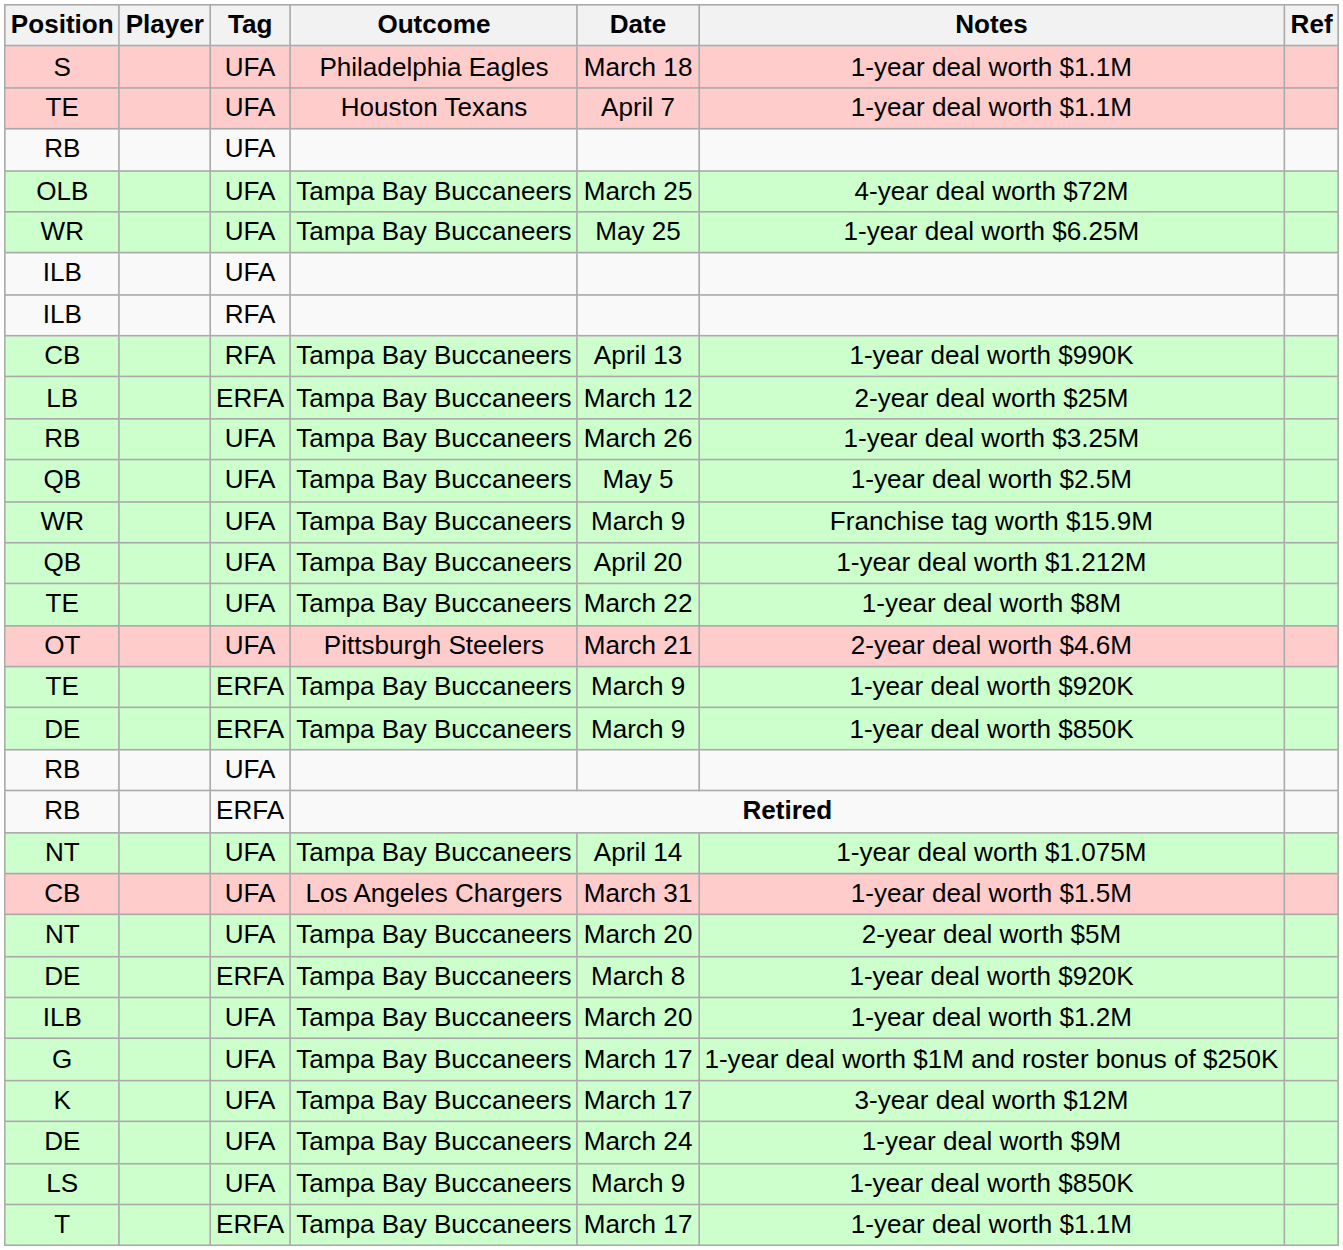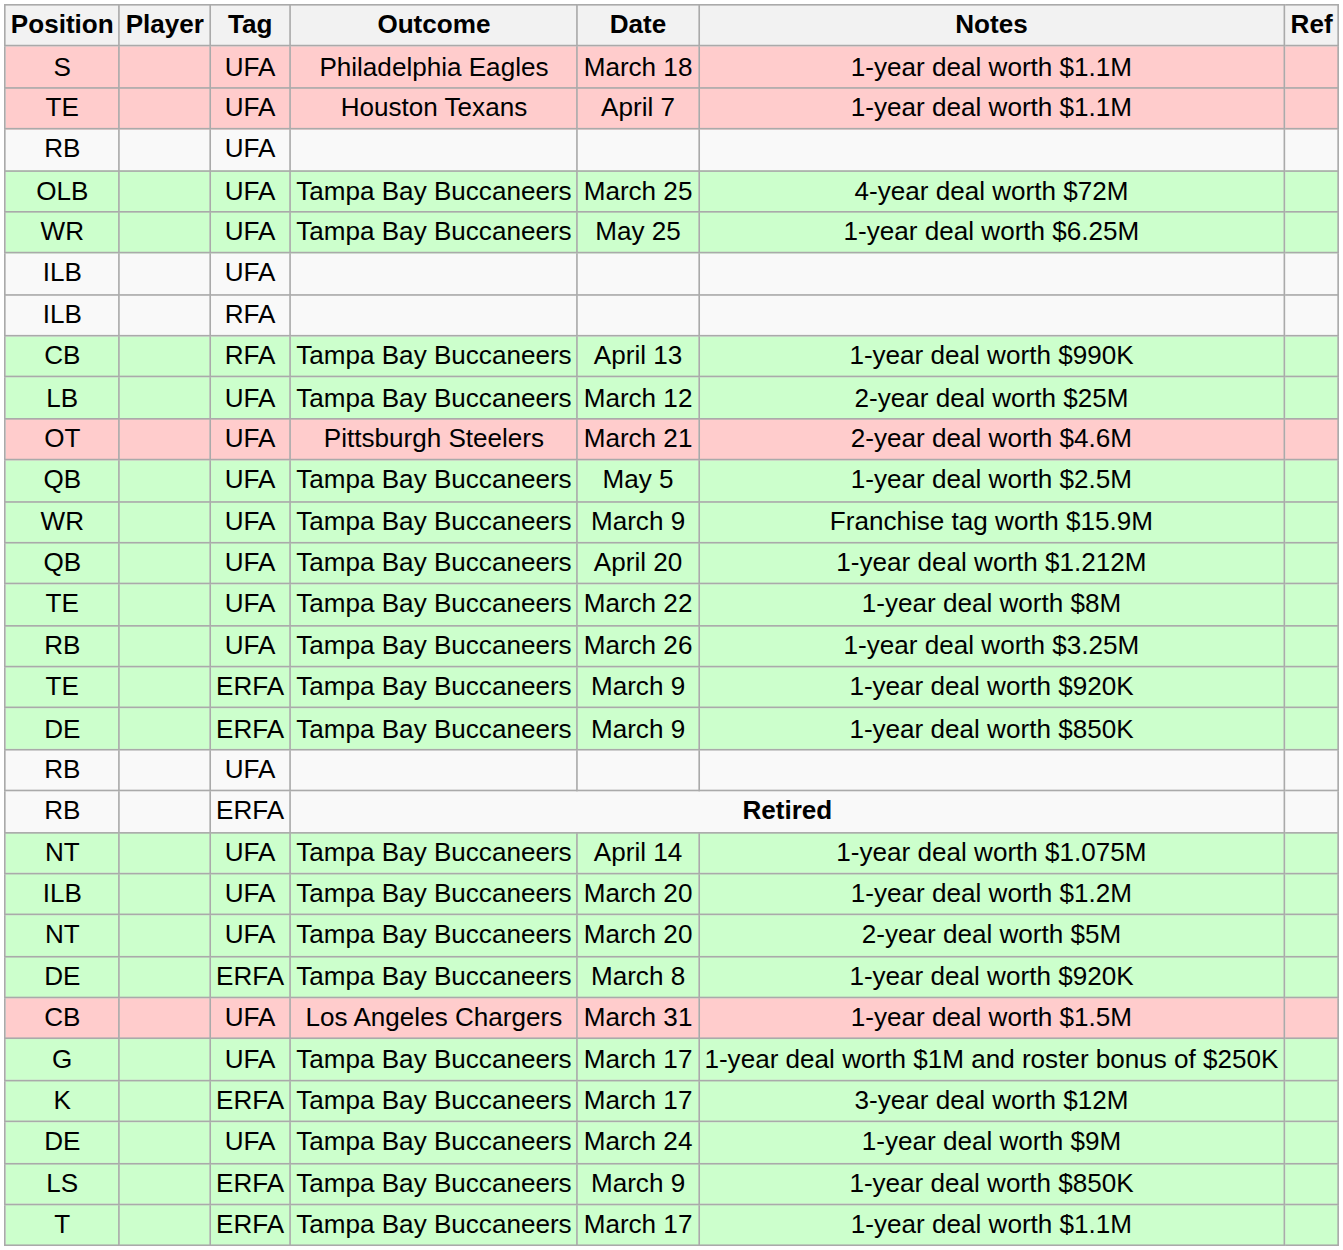 <table class="wikitable sortable" style="text-align:center">
 <tr>
 <th>Position</th>
 <th>Player</th>
 <th>Tag</th>
 <th>Outcome</th>
 <th>Date</th>
 <th>Notes</th>
 <th>Ref</th>
 </tr>
 <tr style="background:#fcc">
 <td>S</td>
 <td></td>
 <td>UFA</td>
 <td>Philadelphia Eagles</td>
 <td>March 18</td>
 <td>1-year deal worth $1.1M</td>
 <td></td>
 </tr>
 <tr style="background:#fcc">
 <td>TE</td>
 <td></td>
 <td>UFA</td>
 <td>Houston Texans</td>
 <td>April 7</td>
 <td>1-year deal worth $1.1M</td>
 <td></td>
 </tr>
 <tr>
 <td>RB</td>
 <td></td>
 <td>UFA</td>
 <td></td>
 <td></td>
 <td></td>
 <td></td>
 </tr>
 <tr style="background:#cfc">
 <td>OLB</td>
 <td></td>
 <td>UFA</td>
 <td>Tampa Bay Buccaneers</td>
 <td>March 25</td>
 <td>4-year deal worth $72M</td>
 <td></td>
 </tr>
 <tr style="background:#cfc">
 <td>WR</td>
 <td></td>
 <td>UFA</td>
 <td>Tampa Bay Buccaneers</td>
 <td>May 25</td>
 <td>1-year deal worth $6.25M</td>
 <td></td>
 </tr>
 <tr>
 <td>ILB</td>
 <td></td>
 <td>UFA</td>
 <td></td>
 <td></td>
 <td></td>
 <td></td>
 </tr>
 <tr>
 <td>ILB</td>
 <td></td>
 <td>RFA</td>
 <td></td>
 <td></td>
 <td></td>
 <td></td>
 </tr>
 <tr style="background:#cfc">
 <td>CB</td>
 <td></td>
 <td>RFA</td>
 <td>Tampa Bay Buccaneers</td>
 <td>April 13</td>
 <td>1-year deal worth $990K</td>
 <td></td>
 </tr>
 <tr style="background:#cfc">
 <td>LB</td>
 <td></td>
-<td>ERFA</td>
+<td>UFA</td>
 <td>Tampa Bay Buccaneers</td>
 <td>March 12</td>
 <td>2-year deal worth $25M</td>
 <td></td>
 </tr>
-<tr style="background:#cfc">
-<td>RB</td>
+<tr style="background:#fcc">
+<td>OT</td>
 <td></td>
 <td>UFA</td>
-<td>Tampa Bay Buccaneers</td>
-<td>March 26</td>
-<td>1-year deal worth $3.25M</td>
+<td>Pittsburgh Steelers</td>
+<td>March 21</td>
+<td>2-year deal worth $4.6M</td>
 <td></td>
 </tr>
 <tr style="background:#cfc">
 <td>QB</td>
 <td></td>
 <td>UFA</td>
 <td>Tampa Bay Buccaneers</td>
 <td>May 5</td>
 <td>1-year deal worth $2.5M</td>
 <td></td>
 </tr>
 <tr style="background:#cfc">
 <td>WR</td>
 <td></td>
 <td>UFA</td>
 <td>Tampa Bay Buccaneers</td>
 <td>March 9</td>
 <td>Franchise tag worth $15.9M</td>
 <td></td>
 </tr>
 <tr style="background:#cfc">
 <td>QB</td>
 <td></td>
 <td>UFA</td>
 <td>Tampa Bay Buccaneers</td>
 <td>April 20</td>
 <td>1-year deal worth $1.212M</td>
 <td></td>
 </tr>
 <tr style="background:#cfc">
 <td>TE</td>
 <td></td>
 <td>UFA</td>
 <td>Tampa Bay Buccaneers</td>
 <td>March 22</td>
 <td>1-year deal worth $8M</td>
 <td></td>
 </tr>
-<tr style="background:#fcc">
-<td>OT</td>
+<tr style="background:#cfc">
+<td>RB</td>
 <td></td>
 <td>UFA</td>
-<td>Pittsburgh Steelers</td>
-<td>March 21</td>
-<td>2-year deal worth $4.6M</td>
+<td>Tampa Bay Buccaneers</td>
+<td>March 26</td>
+<td>1-year deal worth $3.25M</td>
 <td></td>
 </tr>
 <tr style="background:#cfc">
 <td>TE</td>
 <td></td>
 <td>ERFA</td>
 <td>Tampa Bay Buccaneers</td>
 <td>March 9</td>
 <td>1-year deal worth $920K</td>
 <td></td>
 </tr>
 <tr style="background:#cfc">
 <td>DE</td>
 <td></td>
 <td>ERFA</td>
 <td>Tampa Bay Buccaneers</td>
 <td>March 9</td>
 <td>1-year deal worth $850K</td>
 <td></td>
 </tr>
 <tr>
 <td>RB</td>
 <td></td>
 <td>UFA</td>
 <td></td>
 <td></td>
 <td></td>
 <td></td>
 </tr>
 <tr>
 <td>RB</td>
 <td></td>
 <td>ERFA</td>
 <td colspan=3><strong>Retired</strong></td>
 <td></td>
 </tr>
 <tr style="background:#cfc">
 <td>NT</td>
 <td></td>
 <td>UFA</td>
 <td>Tampa Bay Buccaneers</td>
 <td>April 14</td>
 <td>1-year deal worth $1.075M</td>
 <td></td>
 </tr>
-<tr style="background:#fcc">
-<td>CB</td>
+<tr style="background:#cfc">
+<td>ILB</td>
 <td></td>
 <td>UFA</td>
-<td>Los Angeles Chargers</td>
-<td>March 31</td>
-<td>1-year deal worth $1.5M</td>
+<td>Tampa Bay Buccaneers</td>
+<td>March 20</td>
+<td>1-year deal worth $1.2M</td>
 <td></td>
 </tr>
 <tr style="background:#cfc">
 <td>NT</td>
 <td></td>
 <td>UFA</td>
 <td>Tampa Bay Buccaneers</td>
 <td>March 20</td>
 <td>2-year deal worth $5M</td>
 <td></td>
 </tr>
 <tr style="background:#cfc">
 <td>DE</td>
 <td></td>
 <td>ERFA</td>
 <td>Tampa Bay Buccaneers</td>
 <td>March 8</td>
 <td>1-year deal worth $920K</td>
 <td></td>
 </tr>
-<tr style="background:#cfc">
-<td>ILB</td>
+<tr style="background:#fcc">
+<td>CB</td>
 <td></td>
 <td>UFA</td>
-<td>Tampa Bay Buccaneers</td>
-<td>March 20</td>
-<td>1-year deal worth $1.2M</td>
+<td>Los Angeles Chargers</td>
+<td>March 31</td>
+<td>1-year deal worth $1.5M</td>
 <td></td>
 </tr>
 <tr style="background:#cfc">
 <td>G</td>
 <td></td>
 <td>UFA</td>
 <td>Tampa Bay Buccaneers</td>
 <td>March 17</td>
 <td>1-year deal worth $1M and roster bonus of $250K</td>
 <td></td>
 </tr>
 <tr style="background:#cfc">
 <td>K</td>
 <td></td>
-<td>UFA</td>
+<td>ERFA</td>
 <td>Tampa Bay Buccaneers</td>
 <td>March 17</td>
 <td>3-year deal worth $12M</td>
 <td></td>
 </tr>
 <tr style="background:#cfc">
 <td>DE</td>
 <td></td>
 <td>UFA</td>
 <td>Tampa Bay Buccaneers</td>
 <td>March 24</td>
 <td>1-year deal worth $9M</td>
 <td></td>
 </tr>
 <tr style="background:#cfc">
 <td>LS</td>
 <td></td>
-<td>UFA</td>
+<td>ERFA</td>
 <td>Tampa Bay Buccaneers</td>
 <td>March 9</td>
 <td>1-year deal worth $850K</td>
 <td></td>
 </tr>
 <tr style="background:#cfc">
 <td>T</td>
 <td></td>
 <td>ERFA</td>
 <td>Tampa Bay Buccaneers</td>
 <td>March 17</td>
 <td>1-year deal worth $1.1M</td>
 <td></td>
 </tr>
 </table>
